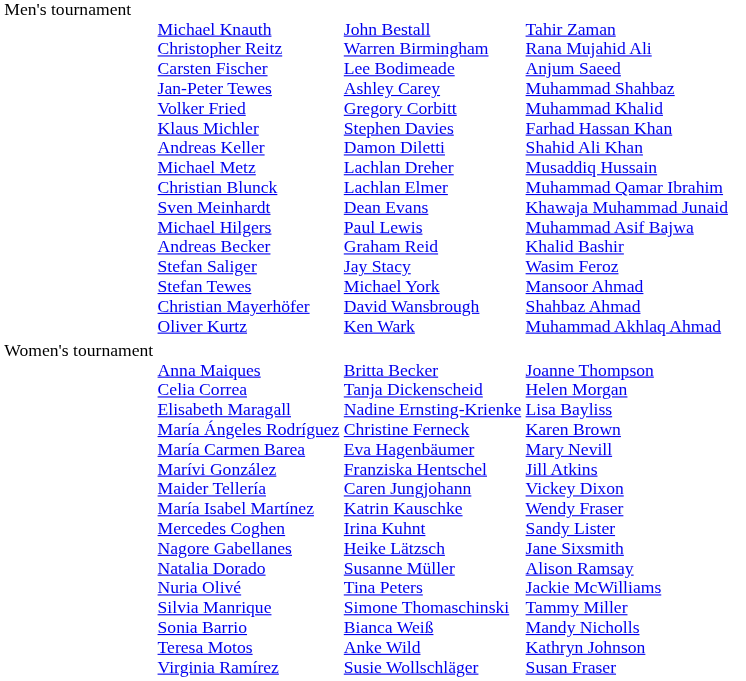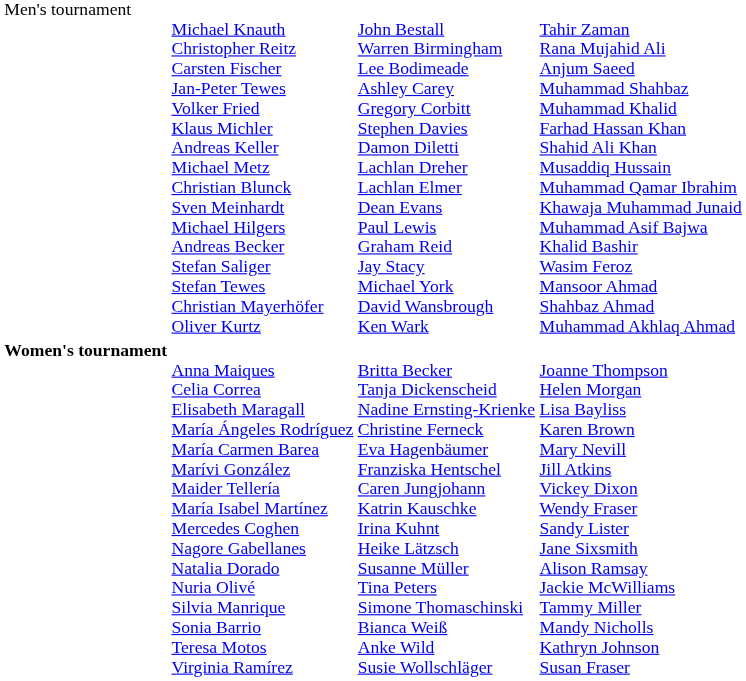 <table>
 <tr valign="top">
 <td>Men's tournament<br></td>
 <td><br><a href='#'>Michael Knauth</a><br><a href='#'>Christopher Reitz</a><br><a href='#'>Carsten Fischer</a><br><a href='#'>Jan-Peter Tewes</a><br><a href='#'>Volker Fried</a><br><a href='#'>Klaus Michler</a><br><a href='#'>Andreas Keller</a><br><a href='#'>Michael Metz</a><br><a href='#'>Christian Blunck</a><br><a href='#'>Sven Meinhardt</a><br><a href='#'>Michael Hilgers</a><br><a href='#'>Andreas Becker</a><br><a href='#'>Stefan Saliger</a><br><a href='#'>Stefan Tewes</a><br><a href='#'>Christian Mayerhöfer</a><br><a href='#'>Oliver Kurtz</a></td>
 <td><br><a href='#'>John Bestall</a><br><a href='#'>Warren Birmingham</a><br><a href='#'>Lee Bodimeade</a><br><a href='#'>Ashley Carey</a><br><a href='#'>Gregory Corbitt</a><br><a href='#'>Stephen Davies</a><br><a href='#'>Damon Diletti</a><br><a href='#'>Lachlan Dreher</a><br><a href='#'>Lachlan Elmer</a><br><a href='#'>Dean Evans</a><br><a href='#'>Paul Lewis</a><br><a href='#'>Graham Reid</a><br><a href='#'>Jay Stacy</a><br><a href='#'>Michael York</a><br><a href='#'>David Wansbrough</a><br><a href='#'>Ken Wark</a></td>
 <td><br><a href='#'>Tahir Zaman</a><br><a href='#'>Rana Mujahid Ali</a><br><a href='#'>Anjum Saeed</a><br><a href='#'>Muhammad Shahbaz</a><br><a href='#'>Muhammad Khalid</a><br><a href='#'>Farhad Hassan Khan</a><br><a href='#'>Shahid Ali Khan</a><br><a href='#'>Musaddiq Hussain</a><br><a href='#'>Muhammad Qamar Ibrahim</a><br><a href='#'>Khawaja Muhammad Junaid</a><br><a href='#'>Muhammad Asif Bajwa</a><br><a href='#'>Khalid Bashir</a><br><a href='#'>Wasim Feroz</a><br><a href='#'>Mansoor Ahmad</a><br><a href='#'>Shahbaz Ahmad</a><br><a href='#'>Muhammad Akhlaq Ahmad</a></td>
 </tr>
 <tr valign="top">
-<td>Women's tournament<br></td>
+<td><strong>Women's tournament<br></strong></td>
 <td><br><a href='#'>Anna Maiques</a><br><a href='#'>Celia Correa</a><br><a href='#'>Elisabeth Maragall</a><br><a href='#'>María Ángeles Rodríguez</a><br><a href='#'>María Carmen Barea</a><br><a href='#'>Marívi González</a><br><a href='#'>Maider Tellería</a><br><a href='#'>María Isabel Martínez</a><br><a href='#'>Mercedes Coghen</a><br><a href='#'>Nagore Gabellanes</a><br><a href='#'>Natalia Dorado</a><br><a href='#'>Nuria Olivé</a><br><a href='#'>Silvia Manrique</a><br><a href='#'>Sonia Barrio</a><br><a href='#'>Teresa Motos</a><br><a href='#'>Virginia Ramírez</a></td>
 <td><br><a href='#'>Britta Becker</a><br><a href='#'>Tanja Dickenscheid</a><br><a href='#'>Nadine Ernsting-Krienke</a><br><a href='#'>Christine Ferneck</a><br><a href='#'>Eva Hagenbäumer</a><br><a href='#'>Franziska Hentschel</a><br><a href='#'>Caren Jungjohann</a><br><a href='#'>Katrin Kauschke</a><br><a href='#'>Irina Kuhnt</a><br><a href='#'>Heike Lätzsch</a><br><a href='#'>Susanne Müller</a><br><a href='#'>Tina Peters</a><br><a href='#'>Simone Thomaschinski</a><br><a href='#'>Bianca Weiß</a><br><a href='#'>Anke Wild</a><br><a href='#'>Susie Wollschläger</a></td>
 <td><br><a href='#'>Joanne Thompson</a><br><a href='#'>Helen Morgan</a><br><a href='#'>Lisa Bayliss</a><br><a href='#'>Karen Brown</a><br><a href='#'>Mary Nevill</a><br><a href='#'>Jill Atkins</a><br><a href='#'>Vickey Dixon</a><br><a href='#'>Wendy Fraser</a><br><a href='#'>Sandy Lister</a><br><a href='#'>Jane Sixsmith</a><br><a href='#'>Alison Ramsay</a><br><a href='#'>Jackie McWilliams</a><br><a href='#'>Tammy Miller</a><br><a href='#'>Mandy Nicholls</a><br><a href='#'>Kathryn Johnson</a><br><a href='#'>Susan Fraser</a></td>
 </tr>
 </table>
